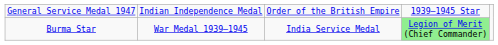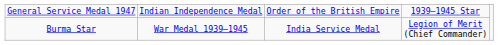 <table class="wikitable" style="text-align:center; margin: 1em auto">
 <tr>
 <td><a href='#'>General Service Medal 1947</a></td>
 <td><a href='#'>Indian Independence Medal</a></td>
 <td><a href='#'>Order of the British Empire</a></td>
 <td><a href='#'>1939–1945 Star</a></td>
 <td rowspan=2></td>
 </tr>
 <tr>
 <td><a href='#'>Burma Star</a></td>
 <td><a href='#'>War Medal 1939–1945</a></td>
 <td><a href='#'>India Service Medal</a></td>
-<td style="background: lightgreen;"><a href='#'>Legion of Merit</a><br>(Chief Commander)</td>
+<td><a href='#'>Legion of Merit</a><br>(Chief Commander)</td>
 </tr>
 </table>
